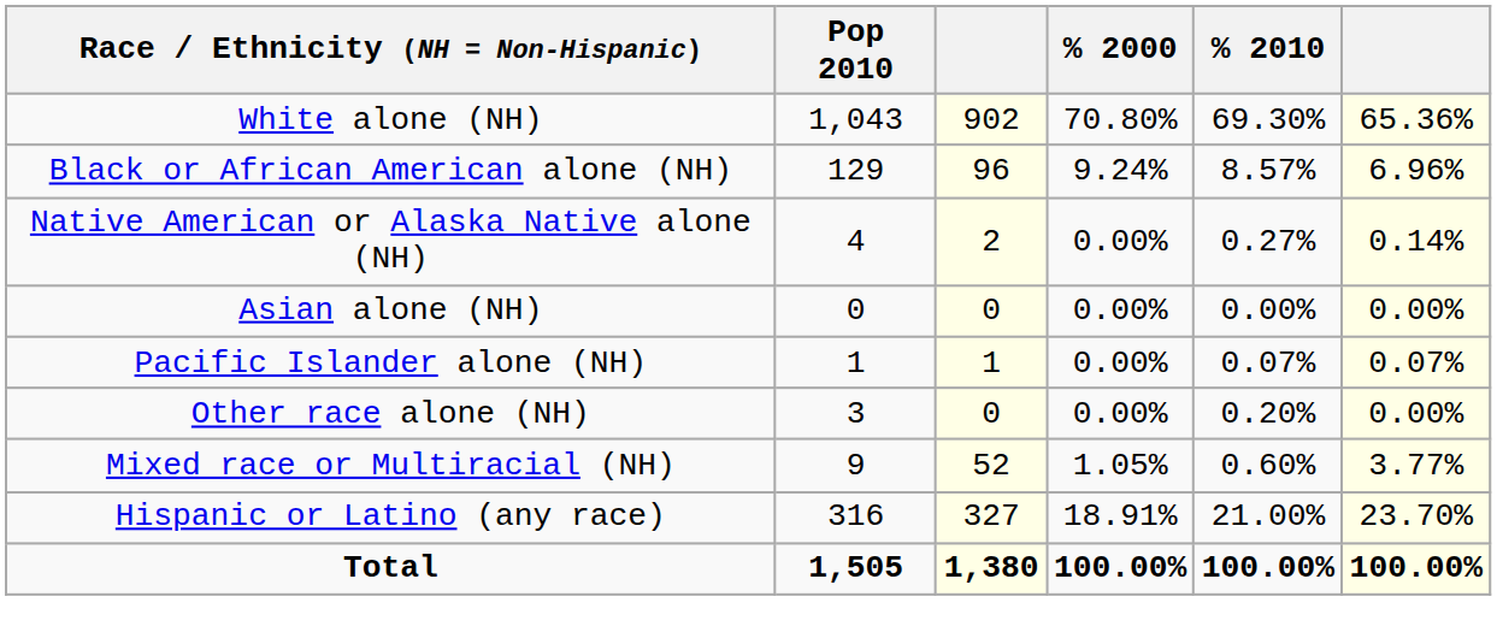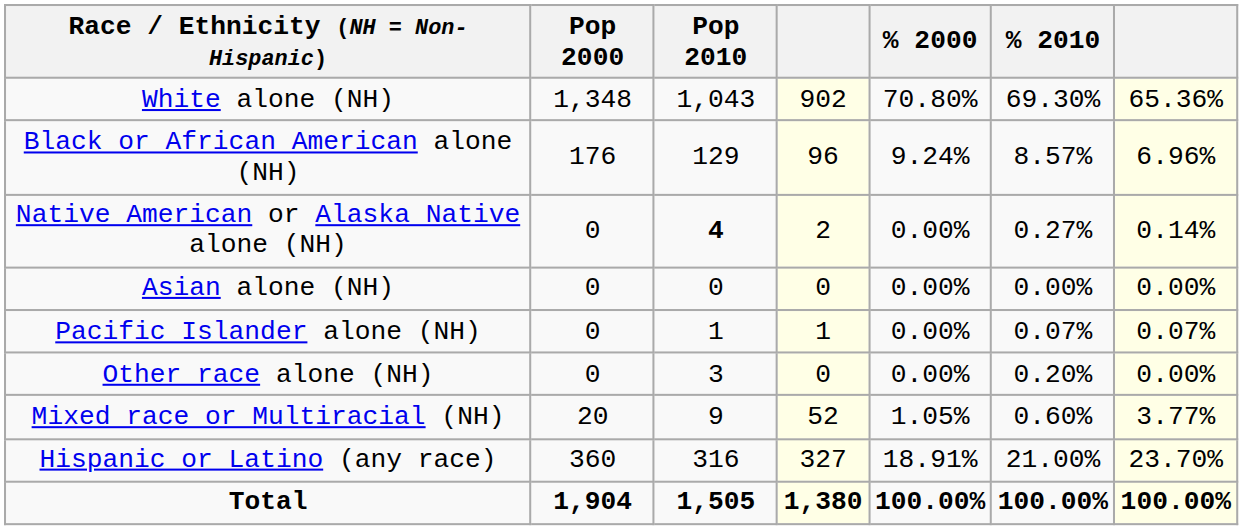 <table class="wikitable" style="text-align:center;">
 <tr>
 <th>Race / Ethnicity <small>(<em>NH = Non-Hispanic</em>)</small></th>
+<th>Pop 2000</th>
 <th>Pop 2010</th>
 <th></th>
 <th>% 2000</th>
 <th>% 2010</th>
 <th></th>
 </tr>
 <tr>
 <td><a href='#'>White</a> alone (NH)</td>
+<td>1,348</td>
 <td>1,043</td>
 <td style='background: #ffffe6;'>902</td>
 <td>70.80%</td>
 <td>69.30%</td>
 <td style='background: #ffffe6;'>65.36%</td>
 </tr>
 <tr>
 <td><a href='#'>Black or African American</a> alone (NH)</td>
+<td>176</td>
 <td>129</td>
 <td style='background: #ffffe6;'>96</td>
 <td>9.24%</td>
 <td>8.57%</td>
 <td style='background: #ffffe6;'>6.96%</td>
 </tr>
 <tr>
 <td><a href='#'>Native American</a> or <a href='#'>Alaska Native</a> alone (NH)</td>
-<td>4</td>
+<td>0</td>
+<td><strong>4</strong></td>
 <td style='background: #ffffe6;'>2</td>
 <td>0.00%</td>
 <td>0.27%</td>
 <td style='background: #ffffe6;'>0.14%</td>
 </tr>
 <tr>
 <td><a href='#'>Asian</a> alone (NH)</td>
 <td>0</td>
+<td>0</td>
 <td style='background: #ffffe6;'>0</td>
 <td>0.00%</td>
 <td>0.00%</td>
 <td style='background: #ffffe6;'>0.00%</td>
 </tr>
 <tr>
 <td><a href='#'>Pacific Islander</a> alone (NH)</td>
+<td>0</td>
 <td>1</td>
 <td style='background: #ffffe6;'>1</td>
 <td>0.00%</td>
 <td>0.07%</td>
 <td style='background: #ffffe6;'>0.07%</td>
 </tr>
 <tr>
 <td><a href='#'>Other race</a> alone (NH)</td>
+<td>0</td>
 <td>3</td>
 <td style='background: #ffffe6;'>0</td>
 <td>0.00%</td>
 <td>0.20%</td>
 <td style='background: #ffffe6;'>0.00%</td>
 </tr>
 <tr>
 <td><a href='#'>Mixed race or Multiracial</a> (NH)</td>
+<td>20</td>
 <td>9</td>
 <td style='background: #ffffe6;'>52</td>
 <td>1.05%</td>
 <td>0.60%</td>
 <td style='background: #ffffe6;'>3.77%</td>
 </tr>
 <tr>
 <td><a href='#'>Hispanic or Latino</a> (any race)</td>
+<td>360</td>
 <td>316</td>
 <td style='background: #ffffe6;'>327</td>
 <td>18.91%</td>
 <td>21.00%</td>
 <td style='background: #ffffe6;'>23.70%</td>
 </tr>
 <tr>
 <td><strong>Total</strong></td>
+<td><strong>1,904</strong></td>
 <td><strong>1,505</strong></td>
 <td style='background: #ffffe6;'><strong>1,380</strong></td>
 <td><strong>100.00%</strong></td>
 <td><strong>100.00%</strong></td>
 <td style='background: #ffffe6;'><strong>100.00%</strong></td>
 </tr>
 </table>
